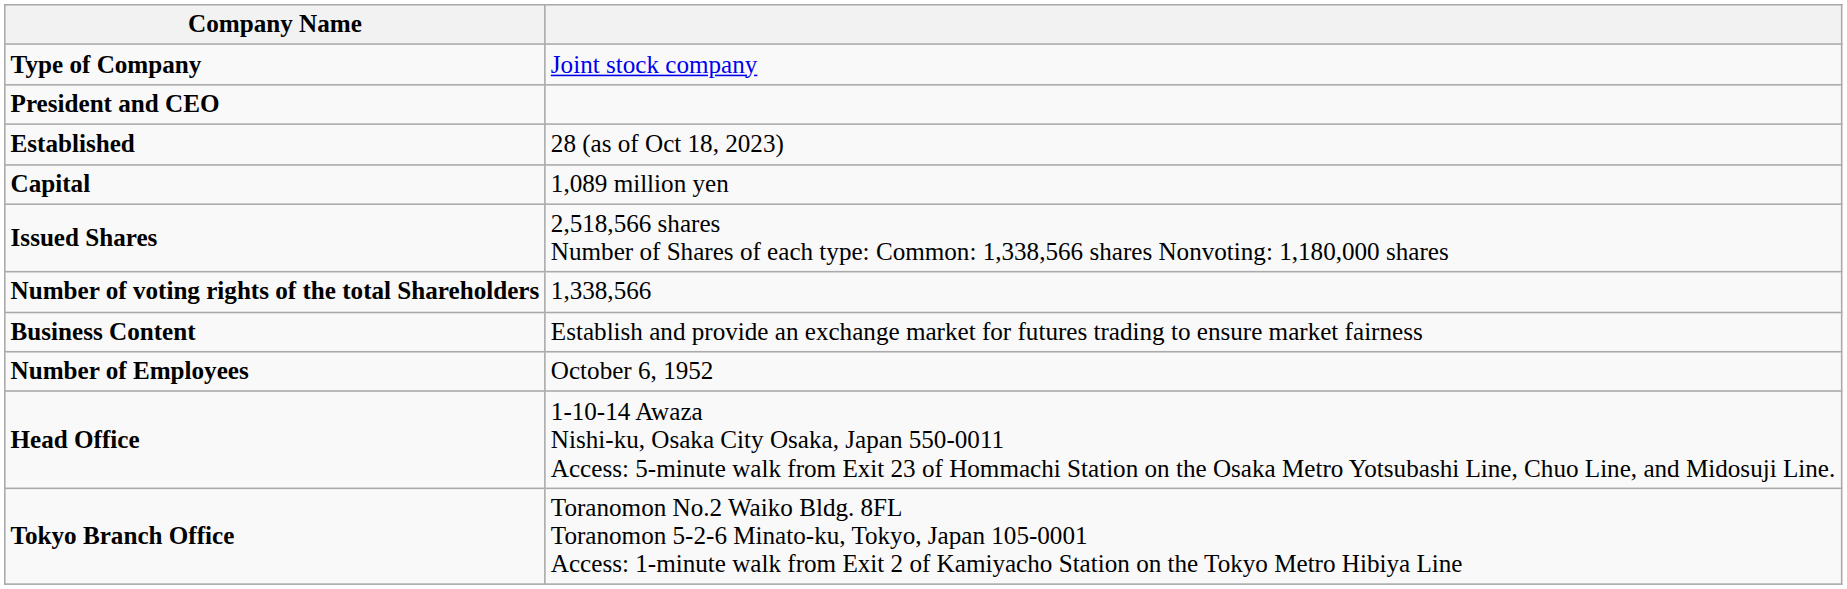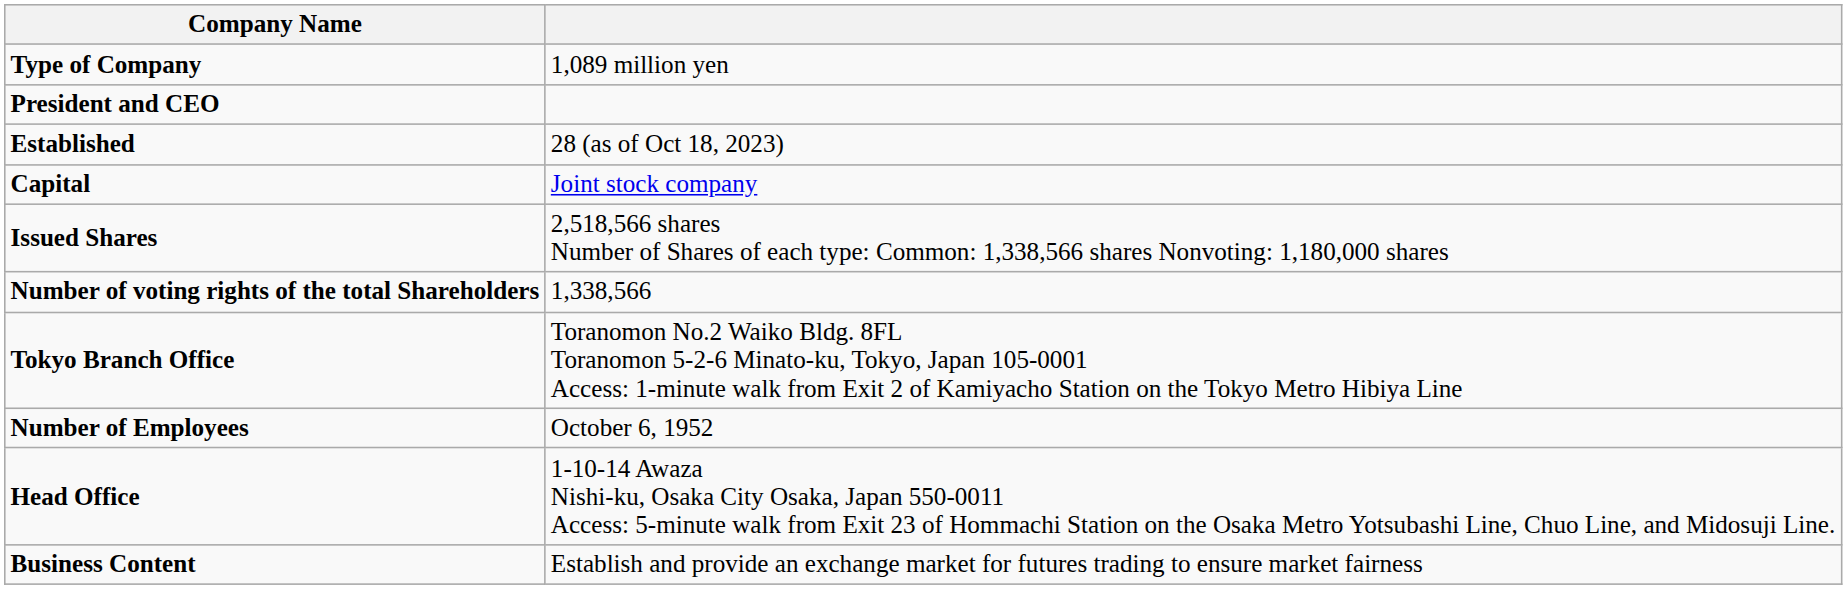 <table class="wikitable">
 <tr>
 <th>Company Name</th>
 <th></th>
 </tr>
 <tr>
 <td><strong>Type of Company</strong></td>
-<td><a href='#'>Joint stock company</a></td>
+<td>1,089 million yen</td>
 </tr>
 <tr>
 <td><strong>President and CEO</strong></td>
 <td></td>
 </tr>
 <tr>
 <td><strong>Established</strong></td>
 <td>28 (as of Oct 18, 2023)</td>
 </tr>
 <tr>
 <td><strong>Capital</strong></td>
-<td>1,089 million yen</td>
+<td><a href='#'>Joint stock company</a></td>
 </tr>
 <tr>
 <td><strong>Issued Shares</strong></td>
 <td>2,518,566 shares<br>Number of Shares of each type: Common: 1,338,566 shares Nonvoting: 1,180,000 shares</td>
 </tr>
 <tr>
 <td><strong>Number of voting rights of the total Shareholders</strong></td>
 <td>1,338,566</td>
 </tr>
 <tr>
-<td><strong>Business Content</strong></td>
-<td>Establish and provide an exchange market for futures trading to ensure market fairness</td>
+<td><strong>Tokyo Branch Office</strong></td>
+<td>Toranomon No.2 Waiko Bldg. 8FL<br>Toranomon 5-2-6  Minato-ku, Tokyo, Japan 105-0001<br>Access: 1-minute walk from Exit 2 of Kamiyacho Station on the Tokyo Metro Hibiya Line<br></td>
 </tr>
 <tr>
 <td><strong>Number of Employees</strong></td>
 <td>October 6, 1952</td>
 </tr>
 <tr>
 <td><strong>Head Office</strong></td>
 <td>1-10-14 Awaza<br>Nishi-ku, Osaka City Osaka, Japan 550-0011<br>Access: 5-minute walk from Exit 23 of Hommachi Station on the Osaka Metro Yotsubashi Line, Chuo Line, and Midosuji Line.</td>
 </tr>
 <tr>
-<td><strong>Tokyo Branch Office</strong></td>
-<td>Toranomon No.2 Waiko Bldg. 8FL<br>Toranomon 5-2-6  Minato-ku, Tokyo, Japan 105-0001<br>Access: 1-minute walk from Exit 2 of Kamiyacho Station on the Tokyo Metro Hibiya Line<br></td>
+<td><strong>Business Content</strong></td>
+<td>Establish and provide an exchange market for futures trading to ensure market fairness</td>
 </tr>
 </table>
